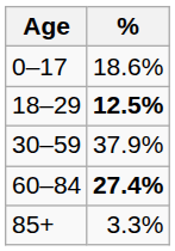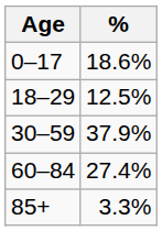 <table class="wikitable" style="float:right;">
 <tr>
 <th>Age</th>
 <th>%</th>
 </tr>
 <tr>
 <td>0–17</td>
 <td align=right>18.6%</td>
 </tr>
 <tr>
 <td>18–29</td>
-<td align=right><strong>12.5%</strong></td>
+<td align=right>12.5%</td>
 </tr>
 <tr>
 <td>30–59</td>
 <td align=right>37.9%</td>
 </tr>
 <tr>
 <td>60–84</td>
-<td align=right><strong>27.4%</strong></td>
+<td align=right>27.4%</td>
 </tr>
 <tr>
 <td>85+</td>
 <td align=right>3.3%</td>
 </tr>
 </table>
